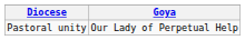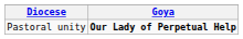 <table class="wikitable">
 <tr style="background:#ececec">
 </tr>
 <tr>
 <th><a href='#'>Diocese</a></th>
 <th><a href='#'>Goya</a></th>
 </tr>
 <tr>
 <td>Pastoral unity</td>
-<td>Our Lady of Perpetual Help</td>
+<td><strong>Our Lady of Perpetual Help</strong></td>
 </tr>
 </table>
